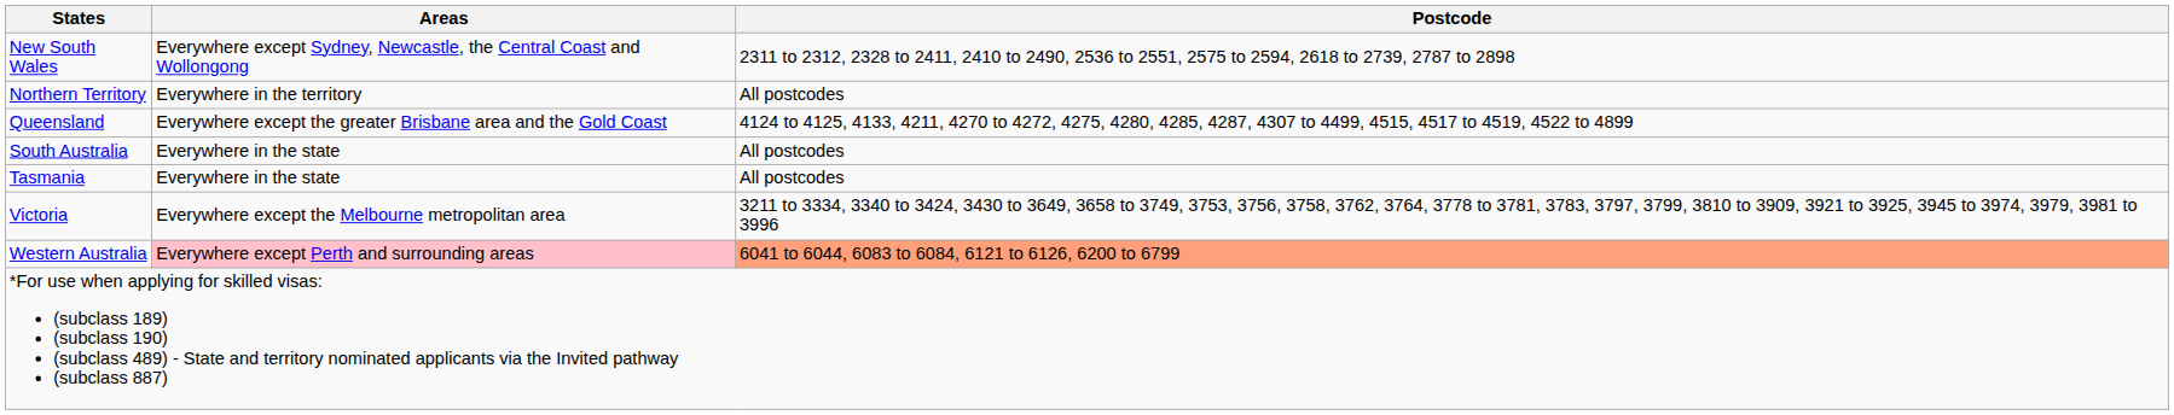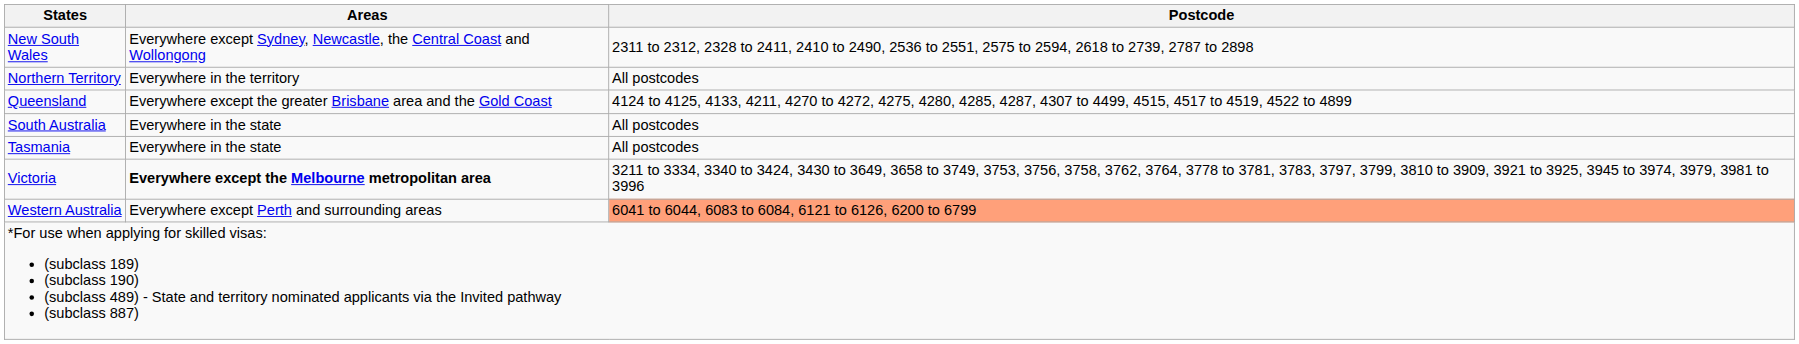 <table class="wikitable">
 <tr>
 <th>States</th>
 <th>Areas</th>
 <th>Postcode</th>
 </tr>
 <tr>
 <td><a href='#'>New South Wales</a></td>
 <td>Everywhere except <a href='#'>Sydney</a>, <a href='#'>Newcastle</a>, the <a href='#'>Central Coast</a> and <a href='#'>Wollongong</a></td>
 <td>2311 to 2312, 2328 to 2411, 2410 to 2490, 2536 to 2551, 2575 to 2594, 2618 to 2739, 2787 to 2898</td>
 </tr>
 <tr>
 <td><a href='#'>Northern Territory</a></td>
 <td>Everywhere in the territory</td>
 <td>All postcodes</td>
 </tr>
 <tr>
 <td><a href='#'>Queensland</a></td>
 <td>Everywhere except the greater <a href='#'>Brisbane</a> area and the <a href='#'>Gold Coast</a></td>
 <td>4124 to 4125, 4133, 4211, 4270 to 4272, 4275, 4280, 4285, 4287, 4307 to 4499, 4515, 4517 to 4519, 4522 to 4899</td>
 </tr>
 <tr>
 <td><a href='#'>South Australia</a></td>
 <td>Everywhere in the state</td>
 <td>All postcodes</td>
 </tr>
 <tr>
 <td><a href='#'>Tasmania</a></td>
 <td>Everywhere in the state</td>
 <td>All postcodes</td>
 </tr>
 <tr>
 <td><a href='#'>Victoria</a></td>
-<td>Everywhere except the <a href='#'>Melbourne</a> metropolitan area</td>
+<td><strong>Everywhere except the <a href='#'>Melbourne</a> metropolitan area</strong></td>
 <td>3211 to 3334, 3340 to 3424, 3430 to 3649, 3658 to 3749, 3753, 3756, 3758, 3762, 3764, 3778 to 3781, 3783, 3797, 3799, 3810 to 3909, 3921 to 3925, 3945 to 3974, 3979, 3981 to 3996</td>
 </tr>
 <tr>
 <td><a href='#'>Western Australia</a></td>
-<td style="background: pink;">Everywhere except <a href='#'>Perth</a> and surrounding areas</td>
+<td>Everywhere except <a href='#'>Perth</a> and surrounding areas</td>
 <td style="background: lightsalmon;">6041 to 6044, 6083 to 6084, 6121 to 6126, 6200 to 6799</td>
 </tr>
 <tr>
 <td colspan="3">*For use when applying for skilled visas:<br><ul><li> (subclass 189)</li><li> (subclass 190)</li><li> (subclass 489) - State and territory nominated applicants via the Invited pathway</li><li> (subclass 887)</li></ul></td>
 </tr>
 </table>
